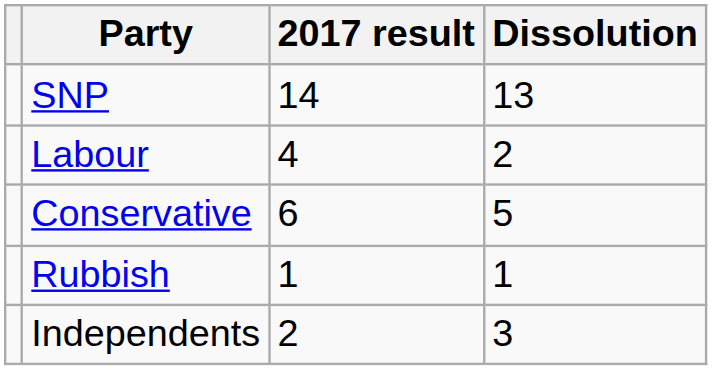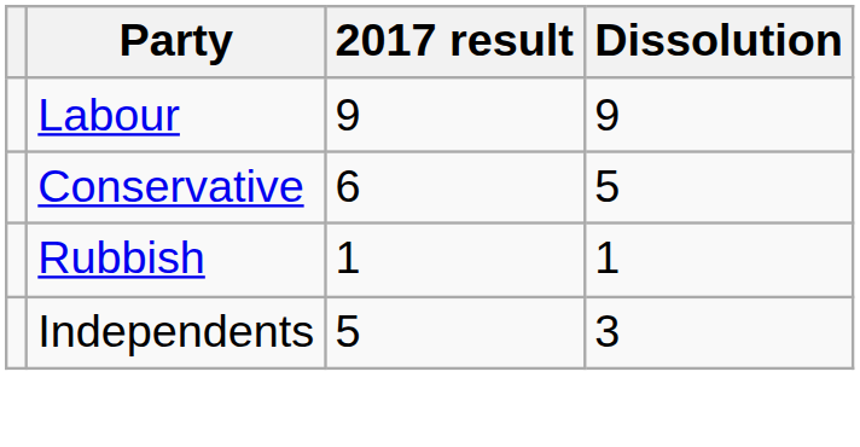 <table class="wikitable">
 <tr>
 <th></th>
 <th scope="col">Party</th>
 <th scope="col">2017 result</th>
 <th scope="col">Dissolution</th>
 </tr>
 <tr>
 <td style="background:"></td>
-<td scope="row"><a href='#'>SNP</a></td>
-<td>14</td>
-<td>13</td>
-</tr>
-<tr>
-<td style="background:"></td>
 <td scope="row"><a href='#'>Labour</a></td>
-<td>4</td>
-<td>2</td>
+<td>9</td>
+<td>9</td>
 </tr>
 <tr>
 <td style="background:"></td>
 <td scope="row"><a href='#'>Conservative</a></td>
 <td>6</td>
 <td>5</td>
 </tr>
 <tr>
 <td style="background:"></td>
 <td scope="row"><a href='#'>Rubbish</a></td>
 <td>1</td>
 <td>1</td>
 </tr>
 <tr>
 <td style="background:"></td>
 <td scope="row">Independents</td>
-<td>2</td>
+<td>5</td>
 <td>3</td>
 </tr>
 </table>
